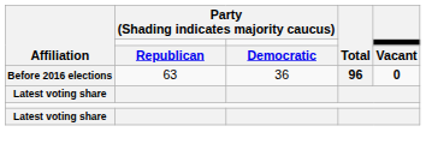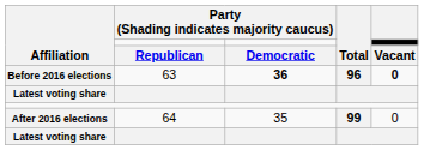 <table class=wikitable style="text-align:center">
 <tr style="vertical-align:bottom;">
 <th rowspan=3>Affiliation</th>
 <th colspan=2>Party <div>(Shading indicates majority caucus)</div></th>
 <th rowspan=3>Total</th>
 <th></th>
 </tr>
 <tr style="height:5px">
 <td style="background-color:"></td>
 <td style="background-color:"></td>
 <td style="background-color:black"></td>
 </tr>
 <tr>
 <th><a href='#'>Republican</a></th>
 <th><a href='#'>Democratic</a></th>
 <th>Vacant</th>
 </tr>
 <tr>
 <th nowrap style="font-size:80%">Before 2016 elections</th>
 <td>63</td>
-<td>36</td>
+<td><strong>36</strong></td>
 <th>96</th>
 <td><strong>0</strong></td>
 </tr>
 <tr>
 <th nowrap style="font-size:80%">Latest voting share</th>
 <th></th>
 <th></th>
 <th colspan=2></th>
 </tr>
 <tr>
 <td colspan=5></td>
 </tr>
 <tr>
+<th nowrap style="font-size:80%">After 2016 elections</th>
+<td>64</td>
+<td>35</td>
+<th>99</th>
+<td>0</td>
+</tr>
+<tr>
 <th nowrap style="font-size:80%">Latest voting share</th>
 <th></th>
 <th></th>
 <th colspan=2></th>
 </tr>
 </table>
